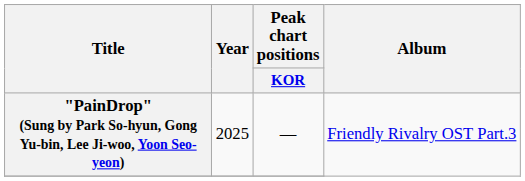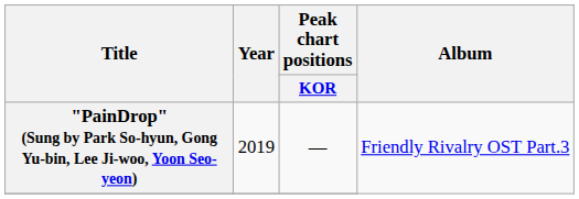 <table class="wikitable plainrowheaders" style="text-align:center">
 <tr>
 <th rowspan="2" style="width:12em;">Title</th>
 <th rowspan="2">Year</th>
 <th colspan="1">Peak chart positions</th>
 <th rowspan="2">Album</th>
 </tr>
 <tr>
 <th scope="col" style="width:3em;font-size:90%;"><a href='#'>KOR</a></th>
 </tr>
 <tr>
 <th scope="row">"PainDrop"<br><small>(Sung by Park So-hyun, Gong Yu-bin, Lee Ji-woo, <a href='#'>Yoon Seo-yeon</a>)</small></th>
-<td rowspan="1">2025</td>
+<td rowspan="1">2019</td>
 <td>—</td>
 <td rowspan="2"><a href='#'>Friendly Rivalry OST Part.3</a></td>
 </tr>
 <tr>
 </tr>
 </table>
